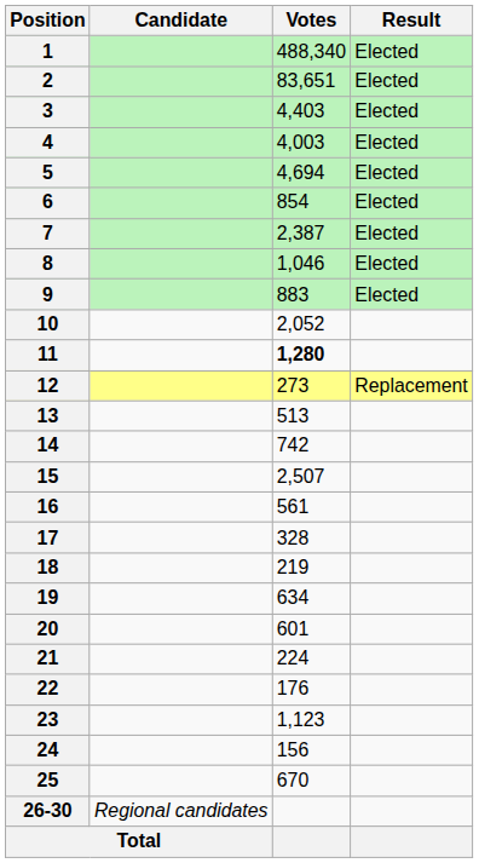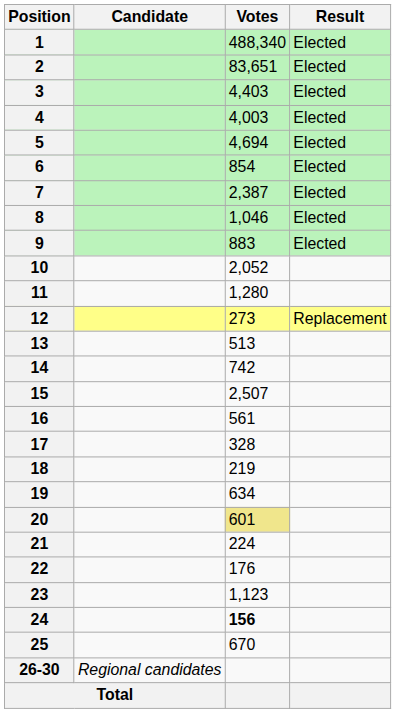 <table class="wikitable sortable col3right">
 <tr>
 <th scope="col">Position</th>
 <th scope="col">Candidate</th>
 <th scope="col">Votes</th>
 <th scope="col">Result</th>
 </tr>
 <tr bgcolor=bbf3bb>
 <th scope="row">1</th>
 <td></td>
 <td>488,340</td>
 <td>Elected</td>
 </tr>
 <tr bgcolor=bbf3bb>
 <th scope="row">2</th>
 <td></td>
 <td>83,651</td>
 <td>Elected</td>
 </tr>
 <tr bgcolor=bbf3bb>
 <th scope="row">3</th>
 <td></td>
 <td>4,403</td>
 <td>Elected</td>
 </tr>
 <tr bgcolor=bbf3bb>
 <th scope="row">4</th>
 <td></td>
 <td>4,003</td>
 <td>Elected</td>
 </tr>
 <tr bgcolor=bbf3bb>
 <th scope="row">5</th>
 <td></td>
 <td>4,694</td>
 <td>Elected</td>
 </tr>
 <tr bgcolor=bbf3bb>
 <th scope="row">6</th>
 <td></td>
 <td>854</td>
 <td>Elected</td>
 </tr>
 <tr bgcolor=bbf3bb>
 <th scope="row">7</th>
 <td></td>
 <td>2,387</td>
 <td>Elected</td>
 </tr>
 <tr bgcolor=bbf3bb>
 <th scope="row">8</th>
 <td></td>
 <td>1,046</td>
 <td>Elected</td>
 </tr>
 <tr bgcolor=bbf3bb>
 <th scope="row">9</th>
 <td></td>
 <td>883</td>
 <td>Elected</td>
 </tr>
 <tr>
 <th scope="row">10</th>
 <td></td>
 <td>2,052</td>
 <td></td>
 </tr>
 <tr>
 <th scope="row">11</th>
 <td></td>
-<td><strong>1,280</strong></td>
+<td>1,280</td>
 <td></td>
 </tr>
 <tr bgcolor=#FF8>
 <th scope="row">12</th>
 <td></td>
 <td>273</td>
 <td>Replacement</td>
 </tr>
 <tr>
 <th scope="row">13</th>
 <td></td>
 <td>513</td>
 <td></td>
 </tr>
 <tr>
 <th scope="row">14</th>
 <td></td>
 <td>742</td>
 <td></td>
 </tr>
 <tr>
 <th scope="row">15</th>
 <td></td>
 <td>2,507</td>
 <td></td>
 </tr>
 <tr>
 <th scope="row">16</th>
 <td></td>
 <td>561</td>
 <td></td>
 </tr>
 <tr>
 <th scope="row">17</th>
 <td></td>
 <td>328</td>
 <td></td>
 </tr>
 <tr>
 <th scope="row">18</th>
 <td></td>
 <td>219</td>
 <td></td>
 </tr>
 <tr>
 <th scope="row">19</th>
 <td></td>
 <td>634</td>
 <td></td>
 </tr>
 <tr>
 <th scope="row">20</th>
 <td></td>
-<td>601</td>
+<td style="background: khaki;">601</td>
 <td></td>
 </tr>
 <tr>
 <th scope="row">21</th>
 <td></td>
 <td>224</td>
 <td></td>
 </tr>
 <tr>
 <th scope="row">22</th>
 <td></td>
 <td>176</td>
 <td></td>
 </tr>
 <tr>
 <th scope="row">23</th>
 <td></td>
 <td>1,123</td>
 <td></td>
 </tr>
 <tr>
 <th scope="row">24</th>
 <td></td>
-<td>156</td>
+<td><strong>156</strong></td>
 <td></td>
 </tr>
 <tr>
 <th scope="row">25</th>
 <td></td>
 <td>670</td>
 <td></td>
 </tr>
 <tr>
 <th scope="row">26-30</th>
 <td><em>Regional candidates</em></td>
 <td></td>
 <td></td>
 </tr>
 <tr class="sortbottom">
 <th scope="row" colspan="2">Total</th>
 <th></th>
 <th></th>
 </tr>
 </table>
